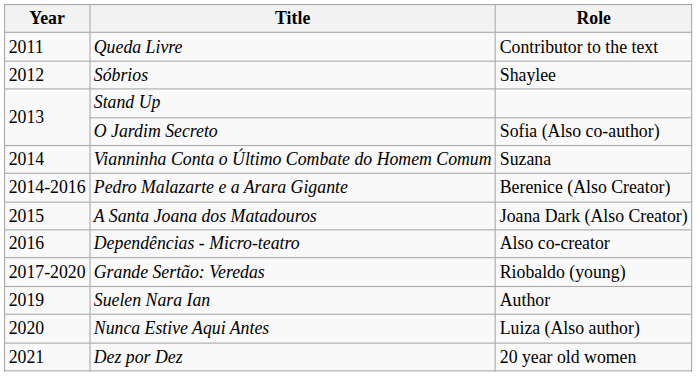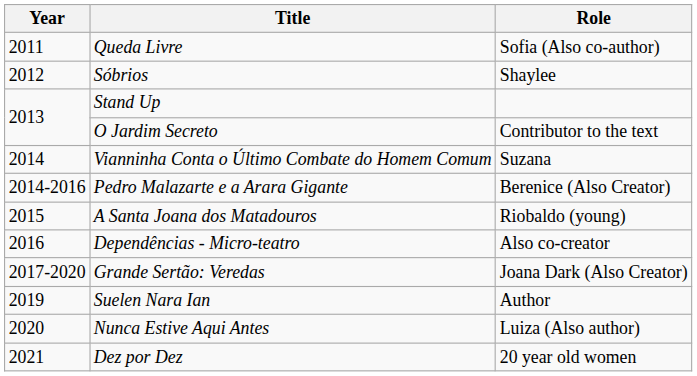 <table class="wikitable">
 <tr>
 <th>Year</th>
 <th>Title</th>
 <th>Role</th>
 </tr>
 <tr>
 <td>2011</td>
 <td><em>Queda Livre</em></td>
-<td>Contributor to the text</td>
+<td>Sofia (Also co-author)</td>
 </tr>
 <tr>
 <td>2012</td>
 <td><em>Sóbrios</em></td>
 <td>Shaylee</td>
 </tr>
 <tr>
 <td rowspan="2">2013</td>
 <td><em>Stand Up</em></td>
 <td></td>
 </tr>
 <tr>
 <td><em>O Jardim Secreto</em></td>
-<td>Sofia (Also co-author)</td>
+<td>Contributor to the text</td>
 </tr>
 <tr>
 <td>2014</td>
 <td><em>Vianninha Conta o Último Combate do Homem Comum</em></td>
 <td>Suzana</td>
 </tr>
 <tr>
 <td>2014-2016</td>
 <td><em>Pedro Malazarte e a Arara Gigante</em></td>
 <td>Berenice (Also Creator)</td>
 </tr>
 <tr>
 <td>2015</td>
 <td><em>A Santa Joana dos Matadouros</em></td>
-<td>Joana Dark (Also Creator)</td>
+<td>Riobaldo (young)</td>
 </tr>
 <tr>
 <td>2016</td>
 <td><em>Dependências - Micro-teatro</em></td>
 <td>Also co-creator</td>
 </tr>
 <tr>
 <td>2017-2020</td>
 <td><em>Grande Sertão: Veredas</em></td>
-<td>Riobaldo (young)</td>
+<td>Joana Dark (Also Creator)</td>
 </tr>
 <tr>
 <td>2019</td>
 <td><em>Suelen Nara Ian</em></td>
 <td>Author</td>
 </tr>
 <tr>
 <td>2020</td>
 <td><em>Nunca Estive Aqui Antes</em></td>
 <td>Luiza (Also author)</td>
 </tr>
 <tr>
 <td>2021</td>
 <td><em>Dez por Dez</em></td>
 <td>20 year old women</td>
 </tr>
 </table>
